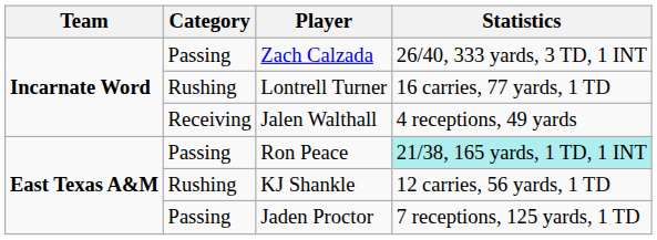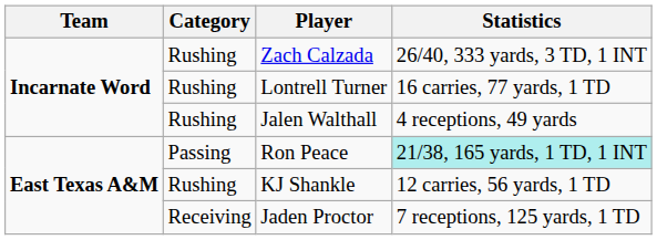 <table class="wikitable" style="float: right;">
 <tr>
 <th>Team</th>
 <th>Category</th>
 <th>Player</th>
 <th>Statistics</th>
 </tr>
 <tr>
 <td rowspan=3><strong>Incarnate Word</strong></td>
-<td>Passing</td>
+<td>Rushing</td>
 <td><a href='#'>Zach Calzada</a></td>
 <td>26/40, 333 yards, 3 TD, 1 INT</td>
 </tr>
 <tr>
 <td>Rushing</td>
 <td>Lontrell Turner</td>
 <td>16 carries, 77 yards, 1 TD</td>
 </tr>
 <tr>
-<td>Receiving</td>
+<td>Rushing</td>
 <td>Jalen Walthall</td>
 <td>4 receptions, 49 yards</td>
 </tr>
 <tr>
 <td rowspan=3><strong>East Texas A&M</strong></td>
 <td>Passing</td>
 <td>Ron Peace</td>
 <td style="background: paleturquoise;">21/38, 165 yards, 1 TD, 1 INT</td>
 </tr>
 <tr>
 <td>Rushing</td>
 <td>KJ Shankle</td>
 <td>12 carries, 56 yards, 1 TD</td>
 </tr>
 <tr>
-<td>Passing</td>
+<td>Receiving</td>
 <td>Jaden Proctor</td>
 <td>7 receptions, 125 yards, 1 TD</td>
 </tr>
 </table>
